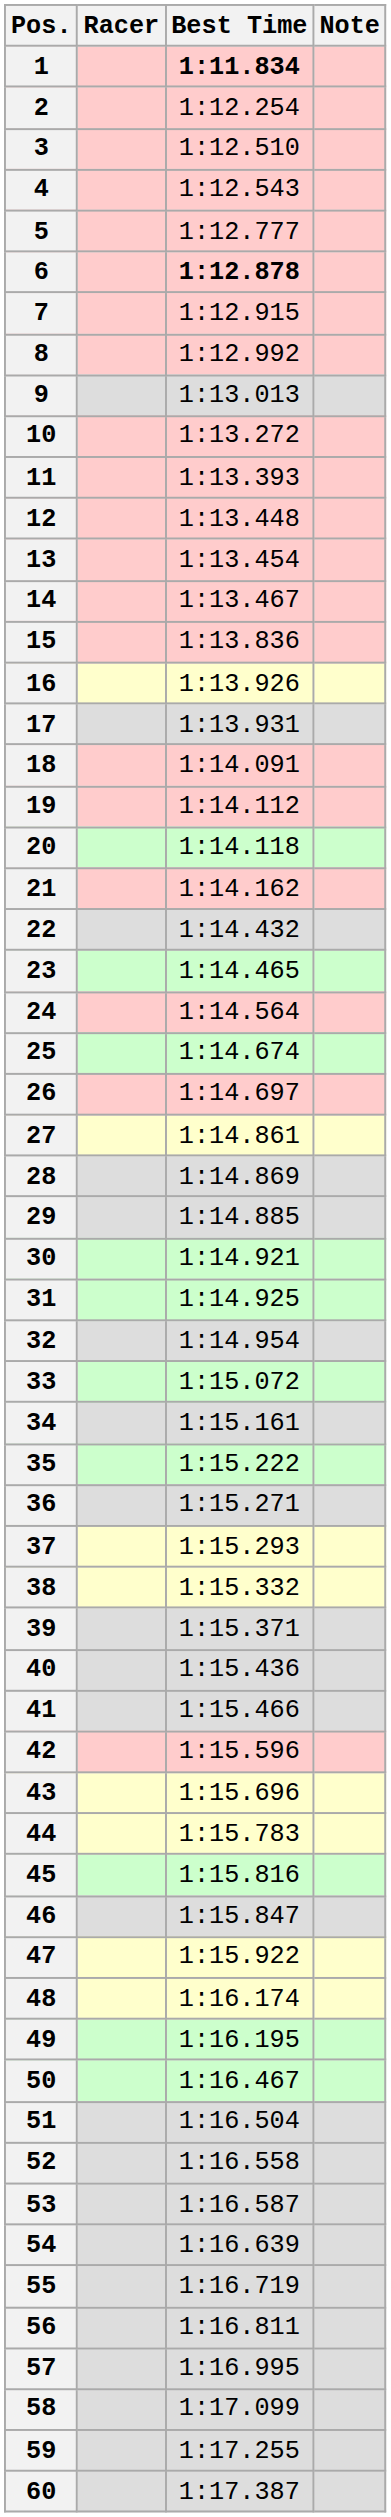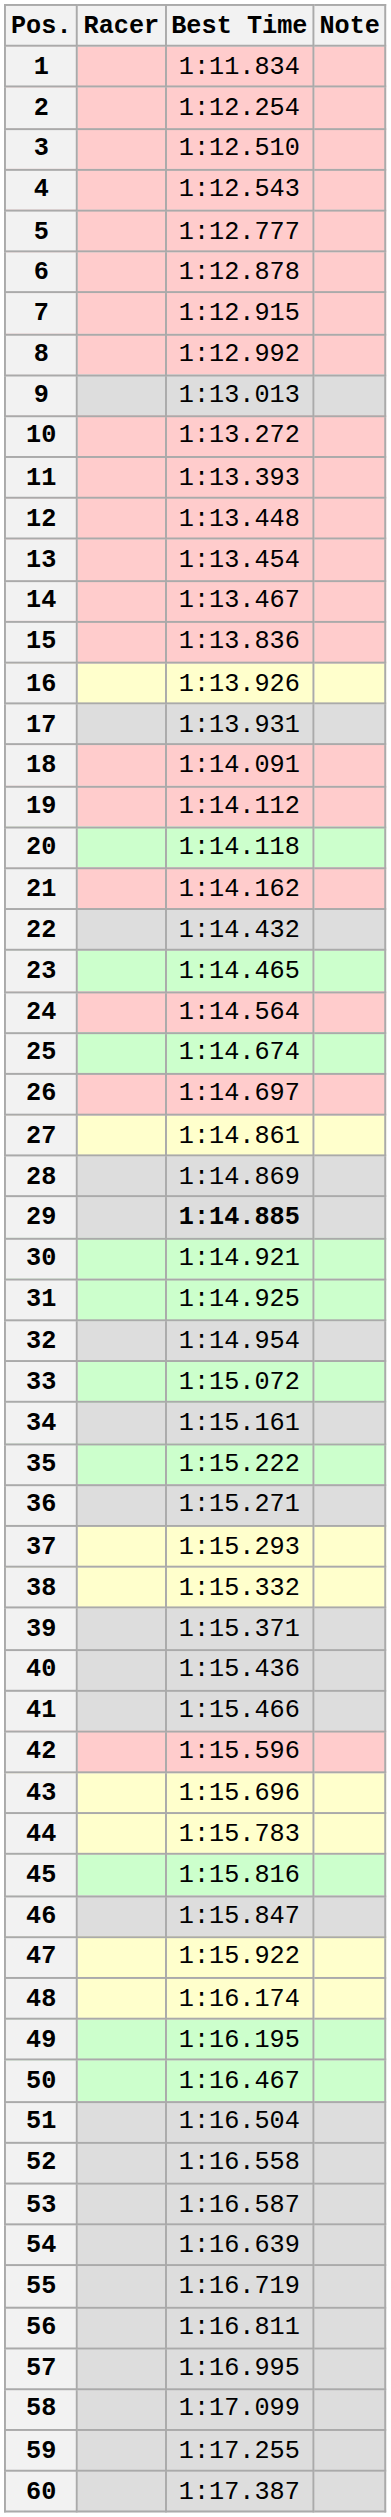 <table class="wikitable sortable plainrowheaders" style="text-align:center;">
 <tr>
 <th scope="col">Pos.</th>
 <th scope="col">Racer</th>
 <th scope="col">Best Time</th>
 <th scope="col">Note</th>
 </tr>
 <tr bgcolor=#ffcccc>
 <th style="text - align:center; ">1</th>
 <td align="left"></td>
-<td><strong>1:11.834</strong></td>
+<td>1:11.834</td>
 <td></td>
 </tr>
 <tr bgcolor=#ffcccc>
 <th style="text - align:center; ">2</th>
 <td align="left"></td>
 <td>1:12.254</td>
 <td></td>
 </tr>
 <tr bgcolor=#ffcccc>
 <th style="text - align:center; ">3</th>
 <td align="left"></td>
 <td>1:12.510</td>
 <td></td>
 </tr>
 <tr bgcolor=#ffcccc>
 <th style="text - align:center; ">4</th>
 <td align="left"></td>
 <td>1:12.543</td>
 <td></td>
 </tr>
 <tr bgcolor=#ffcccc>
 <th style="text - align:center; ">5</th>
 <td align="left"></td>
 <td>1:12.777</td>
 <td></td>
 </tr>
 <tr bgcolor=#ffcccc>
 <th style="text - align:center; ">6</th>
 <td align="left"></td>
-<td><strong>1:12.878</strong></td>
+<td>1:12.878</td>
 <td></td>
 </tr>
 <tr bgcolor=#ffcccc>
 <th style="text - align:center; ">7</th>
 <td align="left"></td>
 <td>1:12.915</td>
 <td></td>
 </tr>
 <tr bgcolor=#ffcccc>
 <th style="text - align:center; ">8</th>
 <td align="left"></td>
 <td>1:12.992</td>
 <td></td>
 </tr>
 <tr bgcolor=#dddddd>
 <th style="text - align:center; ">9</th>
 <td align="left"></td>
 <td>1:13.013</td>
 <td></td>
 </tr>
 <tr bgcolor=#ffcccc>
 <th style="text - align:center; ">10</th>
 <td align="left"></td>
 <td>1:13.272</td>
 <td></td>
 </tr>
 <tr bgcolor=#ffcccc>
 <th style="text - align:center; ">11</th>
 <td align="left"></td>
 <td>1:13.393</td>
 <td></td>
 </tr>
 <tr bgcolor=#ffcccc>
 <th style="text - align:center; ">12</th>
 <td align="left"></td>
 <td>1:13.448</td>
 <td></td>
 </tr>
 <tr bgcolor=#ffcccc>
 <th style="text - align:center; ">13</th>
 <td align="left"></td>
 <td>1:13.454</td>
 <td></td>
 </tr>
 <tr bgcolor=#ffcccc>
 <th style="text - align:center; ">14</th>
 <td align="left"></td>
 <td>1:13.467</td>
 <td></td>
 </tr>
 <tr bgcolor=#ffcccc>
 <th style="text - align:center; ">15</th>
 <td align="left"></td>
 <td>1:13.836</td>
 <td></td>
 </tr>
 <tr bgcolor=#ffffcc>
 <th style="text - align:center; ">16</th>
 <td align="left"></td>
 <td>1:13.926</td>
 <td></td>
 </tr>
 <tr bgcolor=#dddddd>
 <th style="text - align:center; ">17</th>
 <td align="left"></td>
 <td>1:13.931</td>
 <td></td>
 </tr>
 <tr bgcolor=#ffcccc>
 <th style="text - align:center; ">18</th>
 <td align="left"></td>
 <td>1:14.091</td>
 <td></td>
 </tr>
 <tr bgcolor=#ffcccc>
 <th style="text - align:center; ">19</th>
 <td align="left"></td>
 <td>1:14.112</td>
 <td></td>
 </tr>
 <tr bgcolor=#ccffcc>
 <th style="text - align:center; ">20</th>
 <td align="left"></td>
 <td>1:14.118</td>
 <td></td>
 </tr>
 <tr bgcolor=#ffcccc>
 <th style="text - align:center; ">21</th>
 <td align="left"></td>
 <td>1:14.162</td>
 <td></td>
 </tr>
 <tr bgcolor=#dddddd>
 <th style="text - align:center; ">22</th>
 <td align="left"></td>
 <td>1:14.432</td>
 <td></td>
 </tr>
 <tr bgcolor=#ccffcc>
 <th style="text - align:center; ">23</th>
 <td align="left"></td>
 <td>1:14.465</td>
 <td></td>
 </tr>
 <tr bgcolor=#ffcccc>
 <th style="text - align:center; ">24</th>
 <td align="left"></td>
 <td>1:14.564</td>
 <td></td>
 </tr>
 <tr bgcolor=#ccffcc>
 <th style="text - align:center; ">25</th>
 <td align="left"></td>
 <td>1:14.674</td>
 <td></td>
 </tr>
 <tr bgcolor=#ffcccc>
 <th style="text - align:center; ">26</th>
 <td align="left"></td>
 <td>1:14.697</td>
 <td></td>
 </tr>
 <tr bgcolor=#ffffcc>
 <th style="text - align:center; ">27</th>
 <td align="left"></td>
 <td>1:14.861</td>
 <td></td>
 </tr>
 <tr bgcolor=#dddddd>
 <th style="text - align:center; ">28</th>
 <td align="left"></td>
 <td>1:14.869</td>
 <td></td>
 </tr>
 <tr bgcolor=#dddddd>
 <th style="text - align:center; ">29</th>
 <td align="left"></td>
-<td>1:14.885</td>
+<td><strong>1:14.885</strong></td>
 <td></td>
 </tr>
 <tr bgcolor=#ccffcc>
 <th style="text - align:center; ">30</th>
 <td align="left"></td>
 <td>1:14.921</td>
 <td></td>
 </tr>
 <tr bgcolor=#ccffcc>
 <th style="text - align:center; ">31</th>
 <td align="left"></td>
 <td>1:14.925</td>
 <td></td>
 </tr>
 <tr bgcolor=#dddddd>
 <th style="text - align:center; ">32</th>
 <td align="left"></td>
 <td>1:14.954</td>
 <td></td>
 </tr>
 <tr bgcolor=#ccffcc>
 <th style="text - align:center; ">33</th>
 <td align="left"></td>
 <td>1:15.072</td>
 <td></td>
 </tr>
 <tr bgcolor=#dddddd>
 <th style="text - align:center; ">34</th>
 <td align="left"></td>
 <td>1:15.161</td>
 <td></td>
 </tr>
 <tr bgcolor=#ccffcc>
 <th style="text - align:center; ">35</th>
 <td align="left"></td>
 <td>1:15.222</td>
 <td></td>
 </tr>
 <tr bgcolor=#dddddd>
 <th style="text - align:center; ">36</th>
 <td align="left"></td>
 <td>1:15.271</td>
 <td></td>
 </tr>
 <tr bgcolor=#ffffcc>
 <th style="text - align:center; ">37</th>
 <td align="left"></td>
 <td>1:15.293</td>
 <td></td>
 </tr>
 <tr bgcolor=#ffffcc>
 <th style="text - align:center; ">38</th>
 <td align="left"></td>
 <td>1:15.332</td>
 <td></td>
 </tr>
 <tr bgcolor=#dddddd>
 <th style="text - align:center; ">39</th>
 <td align="left"></td>
 <td>1:15.371</td>
 <td></td>
 </tr>
 <tr bgcolor=#dddddd>
 <th style="text - align:center; ">40</th>
 <td align="left"></td>
 <td>1:15.436</td>
 <td></td>
 </tr>
 <tr bgcolor=#dddddd>
 <th style="text - align:center; ">41</th>
 <td align="left"></td>
 <td>1:15.466</td>
 <td></td>
 </tr>
 <tr bgcolor=#ffcccc>
 <th style="text - align:center; ">42</th>
 <td align="left"></td>
 <td>1:15.596</td>
 <td></td>
 </tr>
 <tr bgcolor=#ffffcc>
 <th style="text - align:center; ">43</th>
 <td align="left"></td>
 <td>1:15.696</td>
 <td></td>
 </tr>
 <tr bgcolor=#ffffcc>
 <th style="text - align:center; ">44</th>
 <td align="left"></td>
 <td>1:15.783</td>
 <td></td>
 </tr>
 <tr bgcolor=#ccffcc>
 <th style="text - align:center; ">45</th>
 <td align="left"></td>
 <td>1:15.816</td>
 <td></td>
 </tr>
 <tr bgcolor=#dddddd>
 <th style="text - align:center; ">46</th>
 <td align="left"></td>
 <td>1:15.847</td>
 <td></td>
 </tr>
 <tr bgcolor=#ffffcc>
 <th style="text - align:center; ">47</th>
 <td align="left"></td>
 <td>1:15.922</td>
 <td></td>
 </tr>
 <tr bgcolor=#ffffcc>
 <th style="text - align:center; ">48</th>
 <td align="left"></td>
 <td>1:16.174</td>
 <td></td>
 </tr>
 <tr bgcolor=#ccffcc>
 <th style="text - align:center; ">49</th>
 <td align="left"></td>
 <td>1:16.195</td>
 <td></td>
 </tr>
 <tr bgcolor=#ccffcc>
 <th style="text - align:center; ">50</th>
 <td align="left"></td>
 <td>1:16.467</td>
 <td></td>
 </tr>
 <tr bgcolor=#dddddd>
 <th style="text - align:center; ">51</th>
 <td align="left"></td>
 <td>1:16.504</td>
 <td></td>
 </tr>
 <tr bgcolor=#dddddd>
 <th style="text - align:center; ">52</th>
 <td align="left"></td>
 <td>1:16.558</td>
 <td></td>
 </tr>
 <tr bgcolor=#dddddd>
 <th style="text - align:center; ">53</th>
 <td align="left"></td>
 <td>1:16.587</td>
 <td></td>
 </tr>
 <tr bgcolor=#dddddd>
 <th style="text - align:center; ">54</th>
 <td align="left"></td>
 <td>1:16.639</td>
 <td></td>
 </tr>
 <tr bgcolor=#dddddd>
 <th style="text - align:center; ">55</th>
 <td align="left"></td>
 <td>1:16.719</td>
 <td></td>
 </tr>
 <tr bgcolor=#dddddd>
 <th style="text - align:center; ">56</th>
 <td align="left"></td>
 <td>1:16.811</td>
 <td></td>
 </tr>
 <tr bgcolor=#dddddd>
 <th style="text - align:center; ">57</th>
 <td align="left"></td>
 <td>1:16.995</td>
 <td></td>
 </tr>
 <tr bgcolor=#dddddd>
 <th style="text - align:center; ">58</th>
 <td align="left"></td>
 <td>1:17.099</td>
 <td></td>
 </tr>
 <tr bgcolor=#dddddd>
 <th style="text - align:center; ">59</th>
 <td align="left"></td>
 <td>1:17.255</td>
 <td></td>
 </tr>
 <tr bgcolor=#dddddd>
 <th style="text - align:center; ">60</th>
 <td align="left"></td>
 <td>1:17.387</td>
 <td></td>
 </tr>
 </table>
